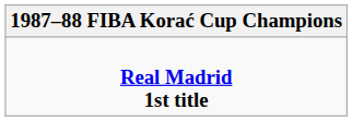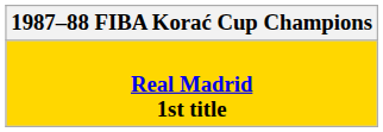 <table class=wikitable style="text-align:center; margin:auto">
 <tr>
 <th>1987–88 FIBA Korać Cup Champions</th>
 </tr>
 <tr>
-<td><br> <strong><a href='#'>Real Madrid</a></strong> <br> <strong>1st title</strong></td>
+<td style="background: gold;"><br> <strong><a href='#'>Real Madrid</a></strong> <br> <strong>1st title</strong></td>
 </tr>
 </table>
